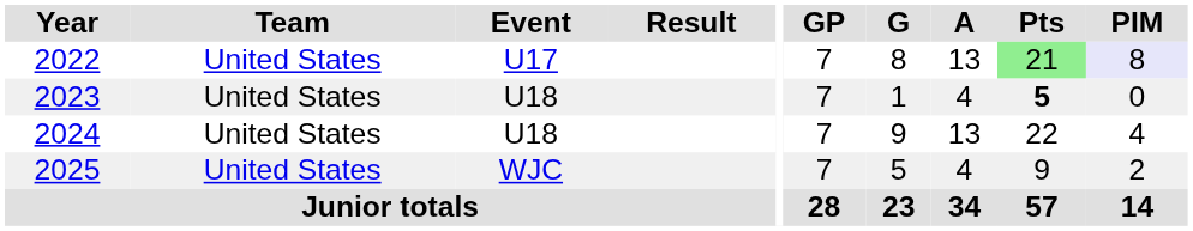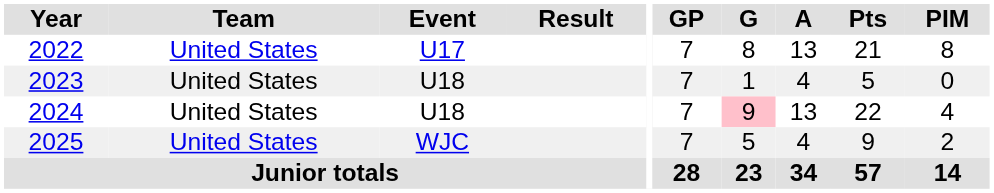 <table border="0" cellpadding="1" cellspacing="0" ID="Table3" style="text-align:center; width:40em;">
 <tr bgcolor="#e0e0e0">
 <th>Year</th>
 <th>Team</th>
 <th>Event</th>
 <th>Result</th>
 <th rowspan="98" bgcolor="#ffffff"></th>
 <th>GP</th>
 <th>G</th>
 <th>A</th>
 <th>Pts</th>
 <th>PIM</th>
 </tr>
 <tr>
 <td><a href='#'>2022</a></td>
 <td><a href='#'>United States</a></td>
 <td><a href='#'>U17</a></td>
 <td></td>
 <td>7</td>
 <td>8</td>
 <td>13</td>
-<td style="background: lightgreen;">21</td>
-<td style="background: lavender;">8</td>
+<td>21</td>
+<td>8</td>
 </tr>
 <tr bgcolor="#f0f0f0">
 <td><a href='#'>2023</a></td>
 <td>United States</td>
 <td>U18</td>
 <td></td>
 <td>7</td>
 <td>1</td>
 <td>4</td>
-<td><strong>5</strong></td>
+<td>5</td>
 <td>0</td>
 </tr>
 <tr>
 <td><a href='#'>2024</a></td>
 <td>United States</td>
 <td>U18</td>
 <td></td>
 <td>7</td>
-<td>9</td>
+<td style="background: pink;">9</td>
 <td>13</td>
 <td>22</td>
 <td>4</td>
 </tr>
 <tr bgcolor="#f0f0f0">
 <td><a href='#'>2025</a></td>
 <td><a href='#'>United States</a></td>
 <td><a href='#'>WJC</a></td>
 <td></td>
 <td>7</td>
 <td>5</td>
 <td>4</td>
 <td>9</td>
 <td>2</td>
 </tr>
 <tr bgcolor="#e0e0e0">
 <th colspan="4">Junior totals</th>
 <th>28</th>
 <th>23</th>
 <th>34</th>
 <th>57</th>
 <th>14</th>
 </tr>
 </table>
